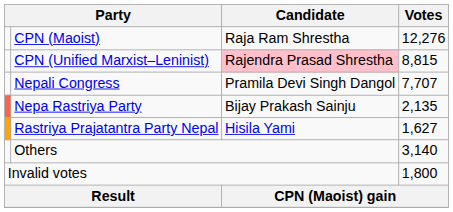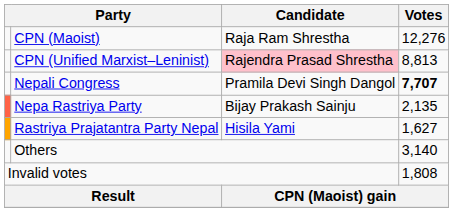 <table class="wikitable">
 <tr>
 <th colspan="2">Party</th>
 <th>Candidate</th>
 <th>Votes</th>
 </tr>
 <tr>
 <td style="background-color:"></td>
 <td><a href='#'>CPN (Maoist)</a></td>
 <td>Raja Ram Shrestha</td>
 <td>12,276</td>
 </tr>
 <tr>
 <td style="background-color:"></td>
 <td><a href='#'>CPN (Unified Marxist–Leninist)</a></td>
 <td style="background: pink;">Rajendra Prasad Shrestha</td>
-<td>8,815</td>
+<td>8,813</td>
 </tr>
 <tr>
 <td style="background-color:"></td>
 <td><a href='#'>Nepali Congress</a></td>
 <td>Pramila Devi Singh Dangol</td>
-<td>7,707</td>
+<td><strong>7,707</strong></td>
 </tr>
 <tr>
 <td style="background-color:tomato"></td>
 <td><a href='#'>Nepa Rastriya Party</a></td>
 <td>Bijay Prakash Sainju</td>
 <td>2,135</td>
 </tr>
 <tr>
 <td style="background-color:orange"></td>
 <td><a href='#'>Rastriya Prajatantra Party Nepal</a></td>
 <td><a href='#'>Hisila Yami</a></td>
 <td>1,627</td>
 </tr>
 <tr>
 <td></td>
 <td colspan="2">Others</td>
 <td>3,140</td>
 </tr>
 <tr>
 <td colspan="3">Invalid votes</td>
-<td>1,800</td>
+<td>1,808</td>
 </tr>
 <tr>
 <th colspan="2">Result</th>
 <th colspan="2">CPN (Maoist) gain</th>
 </tr>
 <tr>
 </tr>
 </table>
